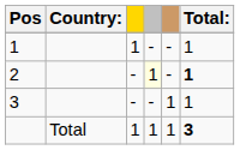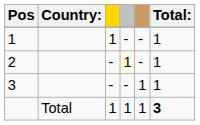 <table class="wikitable">
 <tr>
 <th>Pos</th>
 <th>Country:</th>
 <th style="background-color:gold"></th>
 <th style="background-color:silver"></th>
 <th style="background-color:#CC9966"></th>
 <th>Total:</th>
 </tr>
 <tr>
 </tr>
 <tr>
 <td>1</td>
 <td></td>
 <td>1</td>
 <td>-</td>
 <td>-</td>
 <td>1</td>
 </tr>
 <tr>
 <td>2</td>
 <td></td>
 <td>-</td>
 <td style="background: lightyellow;">1</td>
 <td>-</td>
-<td><strong>1</strong></td>
+<td>1</td>
 </tr>
 <tr>
 <td>3</td>
 <td></td>
 <td>-</td>
 <td>-</td>
 <td>1</td>
 <td>1</td>
 </tr>
 <tr>
 <td></td>
 <td>Total</td>
 <td>1</td>
 <td>1</td>
 <td>1</td>
 <td><strong>3</strong></td>
 </tr>
 </table>
